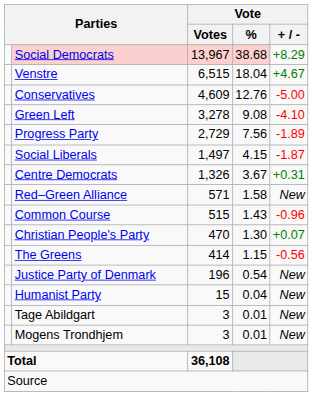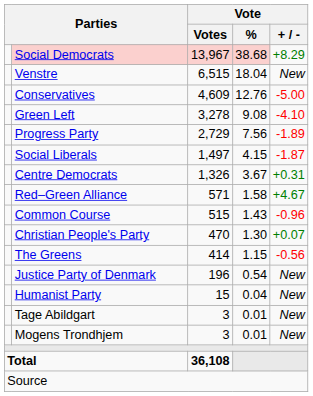 <table class="wikitable" style="text-align:right;">
 <tr>
 <th style="text-align:centre;" rowspan="2" colspan="2" width="225">Parties</th>
 <th colspan="3">Vote</th>
 </tr>
 <tr>
 <th width="15">Votes</th>
 <th width="15">%</th>
 <th width="15">+ / -</th>
 </tr>
 <tr>
 <td width="2" style="color:inherit;background:"></td>
 <td bgcolor=#fbd0ce  align="left"><a href='#'>Social Democrats</a></td>
 <td bgcolor=#fbd0ce>13,967</td>
 <td bgcolor=#fbd0ce>38.68</td>
 <td style=color:green;>+8.29</td>
 </tr>
 <tr>
 <td width="2" style="color:inherit;background:"></td>
 <td align="left"><a href='#'>Venstre</a></td>
 <td>6,515</td>
 <td>18.04</td>
-<td style=color:green;>+4.67</td>
+<td><em>New</em></td>
 </tr>
 <tr>
 <td width="2" style="color:inherit;background:"></td>
 <td align="left"><a href='#'>Conservatives</a></td>
 <td>4,609</td>
 <td>12.76</td>
 <td style=color:red;>-5.00</td>
 </tr>
 <tr>
 <td width="2" style="color:inherit;background:"></td>
 <td align="left"><a href='#'>Green Left</a></td>
 <td>3,278</td>
 <td>9.08</td>
 <td style=color:red;>-4.10</td>
 </tr>
 <tr>
 <td width="2" style="color:inherit;background:"></td>
 <td align="left"><a href='#'>Progress Party</a></td>
 <td>2,729</td>
 <td>7.56</td>
 <td style=color:red;>-1.89</td>
 </tr>
 <tr>
 <td width="2" style="color:inherit;background:"></td>
 <td align="left"><a href='#'>Social Liberals</a></td>
 <td>1,497</td>
 <td>4.15</td>
 <td style=color:red;>-1.87</td>
 </tr>
 <tr>
 <td width="2" style="color:inherit;background:"></td>
 <td align="left"><a href='#'>Centre Democrats</a></td>
 <td>1,326</td>
 <td>3.67</td>
 <td style=color:green;>+0.31</td>
 </tr>
 <tr>
 <td width="2" style="color:inherit;background:"></td>
 <td align="left"><a href='#'>Red–Green Alliance</a></td>
 <td>571</td>
 <td>1.58</td>
-<td><em>New</em></td>
+<td style=color:green;>+4.67</td>
 </tr>
 <tr>
 <td width="2" style="color:inherit;background:"></td>
 <td align="left"><a href='#'>Common Course</a></td>
 <td>515</td>
 <td>1.43</td>
 <td style=color:red;>-0.96</td>
 </tr>
 <tr>
 <td width="2" style="color:inherit;background:"></td>
 <td align="left"><a href='#'>Christian People's Party</a></td>
 <td>470</td>
 <td>1.30</td>
 <td style=color:green;>+0.07</td>
 </tr>
 <tr>
 <td width="2" style="color:inherit;background:"></td>
 <td align="left"><a href='#'>The Greens</a></td>
 <td>414</td>
 <td>1.15</td>
 <td style=color:red;>-0.56</td>
 </tr>
 <tr>
 <td width="2" style="color:inherit;background:"></td>
 <td align="left"><a href='#'>Justice Party of Denmark</a></td>
 <td>196</td>
 <td>0.54</td>
 <td><em>New</em></td>
 </tr>
 <tr>
 <td width="2" style="color:inherit;background:"></td>
 <td align="left"><a href='#'>Humanist Party</a></td>
 <td>15</td>
 <td>0.04</td>
 <td><em>New</em></td>
 </tr>
 <tr>
 <td width="2" style="color:inherit;background:"></td>
 <td align="left">Tage Abildgart</td>
 <td>3</td>
 <td>0.01</td>
 <td><em>New</em></td>
 </tr>
 <tr>
 <td width="2" style="color:inherit;background:"></td>
 <td align="left">Mogens Trondhjem</td>
 <td>3</td>
 <td>0.01</td>
 <td><em>New</em></td>
 </tr>
 <tr>
 <td colspan="7" bgcolor="#E9E9E9"></td>
 </tr>
 <tr>
 <td align="left" colspan="2"><strong>Total</strong></td>
 <td><strong>36,108</strong></td>
 <td bgcolor="#E9E9E9" colspan="2"></td>
 </tr>
 <tr>
 <td align="left" colspan="6">Source</td>
 </tr>
 </table>
